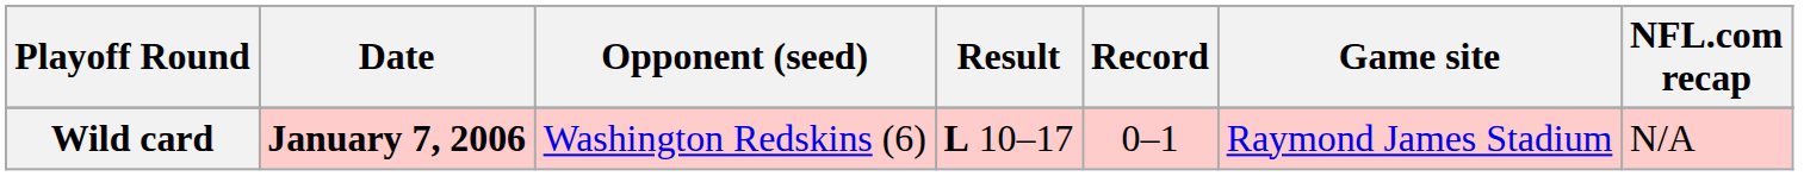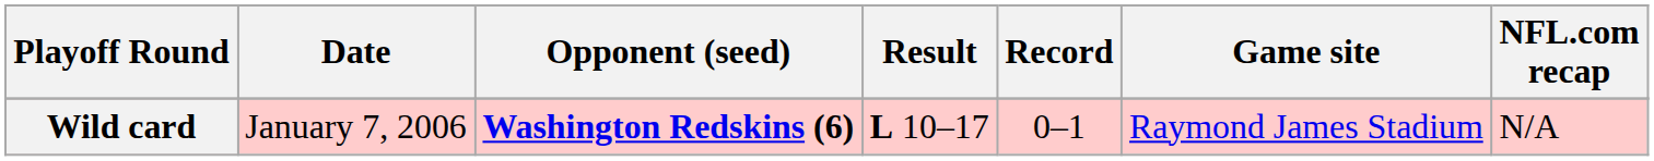 <table class="wikitable" style="align=center">
 <tr>
 <th>Playoff Round</th>
 <th>Date</th>
 <th>Opponent (seed)</th>
 <th>Result</th>
 <th>Record</th>
 <th>Game site</th>
 <th>NFL.com<br>recap</th>
 </tr>
 <tr>
 </tr>
 <tr style= "background: #fcc;">
 <th align="center">Wild card</th>
-<td align="center"><strong>January 7, 2006</strong></td>
-<td><a href='#'>Washington Redskins</a> (6)</td>
+<td align="center">January 7, 2006</td>
+<td><strong><a href='#'>Washington Redskins</a> (6)</strong></td>
 <td align="center"><strong>L</strong> 10–17</td>
 <td align="center">0–1</td>
 <td align="center"><a href='#'>Raymond James Stadium</a></td>
 <td>N/A</td>
 </tr>
 </table>
